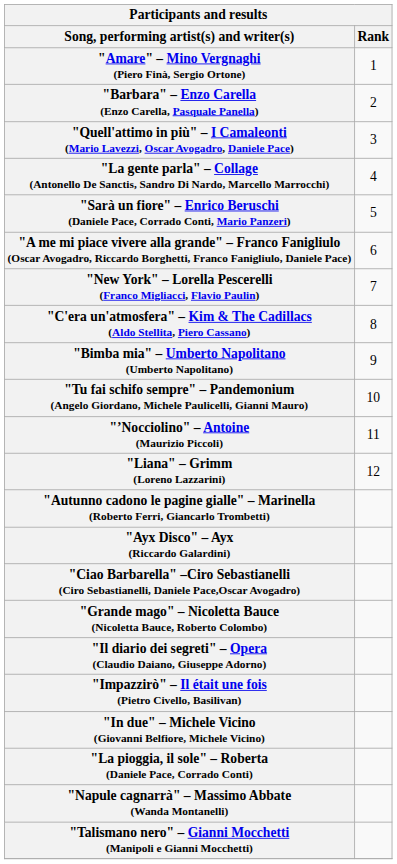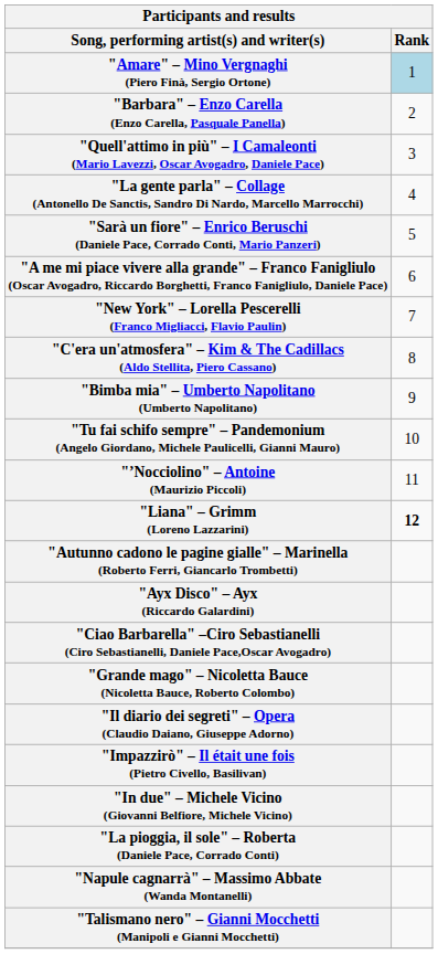 <table class="plainrowheaders wikitable">
 <tr>
 <th colspan="3">Participants and results</th>
 </tr>
 <tr>
 <th>Song, performing artist(s) and writer(s)</th>
 <th>Rank</th>
 </tr>
 <tr>
 <th scope="row">"<a href='#'>Amare</a>" – <a href='#'>Mino Vergnaghi</a>  <br><small> 	(Piero Finà, Sergio Ortone)</small></th>
-<td style="text-align:center;">1</td>
+<td style="background: lightblue; text-align:center;">1</td>
 </tr>
 <tr>
 <th scope="row">"Barbara" – <a href='#'>Enzo Carella</a>  <br><small>(Enzo Carella, <a href='#'>Pasquale Panella</a>)</small></th>
 <td style="text-align:center;">2</td>
 </tr>
 <tr>
 <th scope="row">"Quell'attimo in più" – <a href='#'>I Camaleonti</a>  <br><small> 	(<a href='#'>Mario Lavezzi</a>, <a href='#'>Oscar Avogadro</a>, <a href='#'>Daniele Pace</a>) </small></th>
 <td style="text-align:center;">3</td>
 </tr>
 <tr>
 <th scope="row">"La gente parla" – <a href='#'>Collage</a> <br><small>(Antonello De Sanctis, Sandro Di Nardo, Marcello Marrocchi)</small></th>
 <td style="text-align:center;">4</td>
 </tr>
 <tr>
 <th scope="row">"Sarà un fiore" – <a href='#'>Enrico Beruschi</a> <br><small>(Daniele Pace, Corrado Conti, <a href='#'>Mario Panzeri</a>)</small></th>
 <td style="text-align:center;">5</td>
 </tr>
 <tr>
 <th scope="row">"A me mi piace vivere alla grande" – Franco Fanigliulo <br><small>(Oscar Avogadro, Riccardo Borghetti, Franco Fanigliulo, Daniele Pace)</small></th>
 <td style="text-align:center;">6</td>
 </tr>
 <tr>
 <th scope="row">"New York" – Lorella Pescerelli <br><small> (<a href='#'>Franco Migliacci</a>, <a href='#'>Flavio Paulin</a>) </small></th>
 <td style="text-align:center;">7</td>
 </tr>
 <tr>
 <th scope="row">"C'era un'atmosfera" – <a href='#'>Kim & The Cadillacs</a>  <br><small> 	(<a href='#'>Aldo Stellita</a>, <a href='#'>Piero Cassano</a>)</small></th>
 <td style="text-align:center;">8</td>
 </tr>
 <tr>
 <th scope="row">"Bimba mia" – <a href='#'>Umberto Napolitano</a>  <br><small> 	(Umberto Napolitano)</small></th>
 <td style="text-align:center;">9</td>
 </tr>
 <tr>
 <th scope="row">"Tu fai schifo sempre" – Pandemonium  <br><small> 	 	(Angelo Giordano, Michele Paulicelli, Gianni Mauro) </small></th>
 <td style="text-align:center;">10</td>
 </tr>
 <tr>
 <th scope="row">"’Nocciolino" – <a href='#'>Antoine</a> <br><small>  	(Maurizio Piccoli)</small></th>
 <td style="text-align:center;">11</td>
 </tr>
 <tr>
 <th scope="row">"Liana" – Grimm <br><small> 	(Loreno Lazzarini)</small></th>
-<td style="text-align:center;">12</td>
+<td style="text-align:center;"><strong>12</strong></td>
 </tr>
 <tr>
 <th scope="row">"Autunno cadono le pagine gialle" – Marinella <br><small> 	(Roberto Ferri, Giancarlo Trombetti)</small></th>
 <td></td>
 </tr>
 <tr>
 <th scope="row">"Ayx Disco" – Ayx  <br><small> 	(Riccardo Galardini) </small></th>
 <td></td>
 </tr>
 <tr>
 <th scope="row">"Ciao Barbarella" –Ciro Sebastianelli <br><small> 	 (Ciro Sebastianelli, Daniele Pace,Oscar Avogadro) </small></th>
 <td></td>
 </tr>
 <tr>
 <th scope="row">"Grande mago" – Nicoletta Bauce <br><small> 	(Nicoletta Bauce, Roberto Colombo)</small></th>
 <td></td>
 </tr>
 <tr>
 <th scope="row">"Il diario dei segreti" – <a href='#'>Opera</a> <br><small>  (Claudio Daiano, Giuseppe Adorno) </small></th>
 <td></td>
 </tr>
 <tr>
 <th scope="row">"Impazzirò" – <a href='#'>Il était une fois</a> <br><small> (Pietro Civello, Basilivan) </small></th>
 <td></td>
 </tr>
 <tr>
 <th scope="row">"In due" – Michele Vicino <br><small> 	(Giovanni Belfiore, Michele Vicino) </small></th>
 <td></td>
 </tr>
 <tr>
 <th scope="row">"La pioggia, il sole" – Roberta <br><small> (Daniele Pace, Corrado Conti) </small></th>
 <td></td>
 </tr>
 <tr>
 <th scope="row">"Napule cagnarrà" – Massimo Abbate <br><small> 	(Wanda Montanelli) </small></th>
 <td></td>
 </tr>
 <tr>
 <th scope="row">"Talismano nero" – <a href='#'>Gianni Mocchetti</a> <br><small> 	(Manipoli e Gianni Mocchetti) </small></th>
 <td></td>
 </tr>
 <tr>
 </tr>
 </table>
